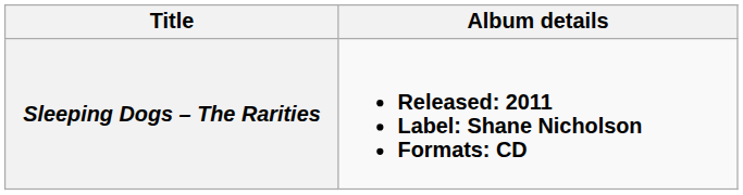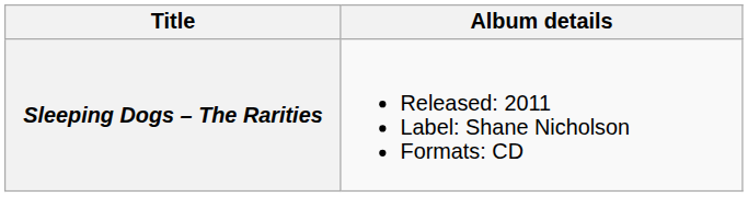 <table class="wikitable plainrowheaders">
 <tr>
 <th scope="col" style="width:15em;">Title</th>
 <th scope="col" style="width:18em;">Album details</th>
 </tr>
 <tr>
 <th scope="row"><em>Sleeping Dogs – The Rarities</em></th>
-<td><strong><br><ul><li>Released: 2011</li><li>Label: Shane Nicholson</li><li>Formats: CD</li></ul></strong></td>
+<td><br><ul><li>Released: 2011</li><li>Label: Shane Nicholson</li><li>Formats: CD</li></ul></td>
 </tr>
 </table>
